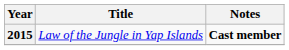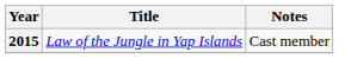 <table class="wikitable sortable plainrowheaders">
 <tr>
 <th scope="col">Year</th>
 <th scope="col">Title</th>
 <th scope="col">Notes</th>
 </tr>
 <tr>
 <th scope="row">2015</th>
 <td><em><a href='#'>Law of the Jungle in Yap Islands</a></em></td>
-<td><strong>Cast member</strong></td>
+<td>Cast member</td>
 </tr>
 <tr>
 </tr>
 </table>
